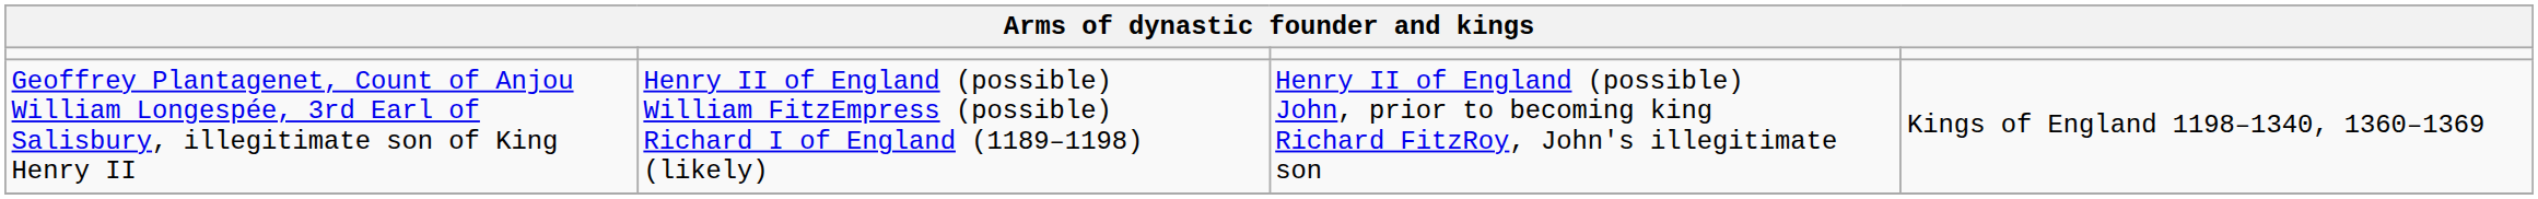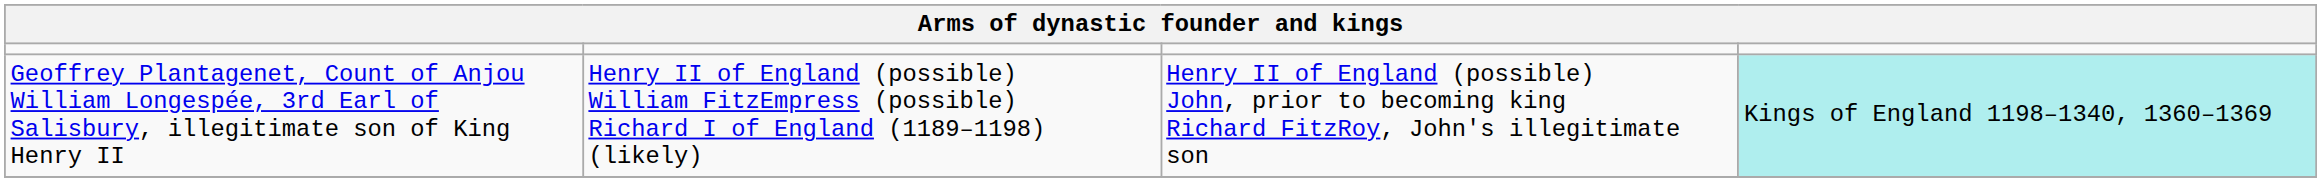 <table class="wikitable" width="100%">
 <tr>
 <th align=center colspan=4>Arms of dynastic founder and kings</th>
 </tr>
 <tr>
 <td align=center width="25%"></td>
 <td align=center width="25%"></td>
 <td align=center width="25%"></td>
 <td align=center width="25%"></td>
 </tr>
 <tr>
 <td><a href='#'>Geoffrey Plantagenet, Count of Anjou</a><br><a href='#'>William Longespée, 3rd Earl of Salisbury</a>, illegitimate son of King Henry II</td>
 <td><a href='#'>Henry II of England</a> (possible)<br><a href='#'>William FitzEmpress</a> (possible)<br><a href='#'>Richard I of England</a> (1189–1198) (likely)</td>
 <td><a href='#'>Henry II of England</a> (possible)<br><a href='#'>John</a>, prior to becoming king<br><a href='#'>Richard FitzRoy</a>, John's illegitimate son</td>
-<td>Kings of England 1198–1340, 1360–1369</td>
+<td style="background: paleturquoise;">Kings of England 1198–1340, 1360–1369</td>
 </tr>
 <tr>
 </tr>
 </table>
